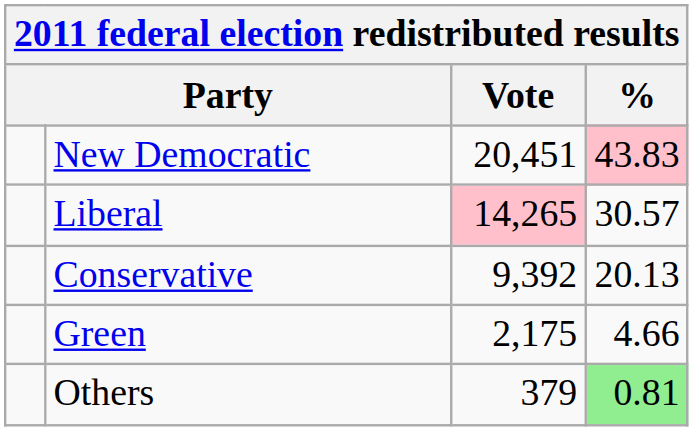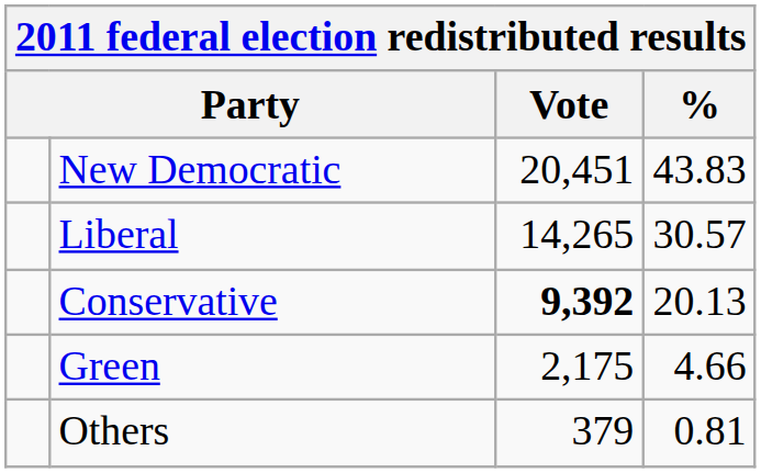 <table class="wikitable">
 <tr>
 <th colspan="4"><a href='#'>2011 federal election</a> redistributed results</th>
 </tr>
 <tr>
 <th bgcolor="#DDDDFF" width="130px" colspan="2">Party</th>
 <th bgcolor="#DDDDFF" width="50px">Vote</th>
 <th bgcolor="#DDDDFF" width="30px">%</th>
 </tr>
 <tr>
 <td> </td>
 <td><a href='#'>New Democratic</a></td>
 <td align=right>20,451</td>
-<td align=right style="background: pink;">43.83</td>
+<td align=right>43.83</td>
 </tr>
 <tr>
 <td> </td>
 <td><a href='#'>Liberal</a></td>
-<td align=right style="background: pink;">14,265</td>
+<td align=right>14,265</td>
 <td align=right>30.57</td>
 </tr>
 <tr>
 <td> </td>
 <td><a href='#'>Conservative</a></td>
-<td align=right>9,392</td>
+<td align=right><strong>9,392</strong></td>
 <td align=right>20.13</td>
 </tr>
 <tr>
 <td> </td>
 <td><a href='#'>Green</a></td>
 <td align=right>2,175</td>
 <td align=right>4.66</td>
 </tr>
 <tr>
 <td> </td>
 <td>Others</td>
 <td align=right>379</td>
-<td align=right style="background: lightgreen;">0.81</td>
+<td align=right>0.81</td>
 </tr>
 </table>
